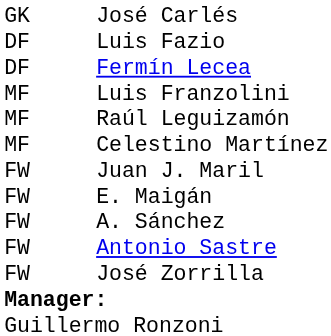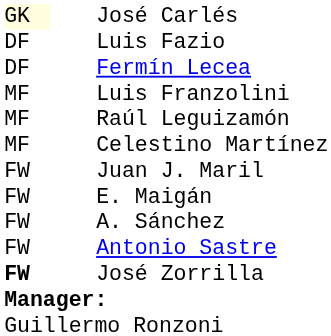 <table style="font-size:90%; margin:0.2em auto;" cellspacing="0" cellpadding="0">
 <tr>
 <th width="25"></th>
 <th width="25"></th>
 </tr>
 <tr>
-<td>GK</td>
+<td style="background: lightyellow;">GK</td>
 <td></td>
 <td> José Carlés</td>
 </tr>
 <tr>
 <td>DF</td>
 <td></td>
 <td> Luis Fazio</td>
 </tr>
 <tr>
 <td>DF</td>
 <td></td>
 <td> <a href='#'>Fermín Lecea</a></td>
 </tr>
 <tr>
 <td>MF</td>
 <td></td>
 <td> Luis Franzolini</td>
 </tr>
 <tr>
 <td>MF</td>
 <td></td>
 <td> Raúl Leguizamón</td>
 </tr>
 <tr>
 <td>MF</td>
 <td></td>
 <td> Celestino Martínez</td>
 </tr>
 <tr>
 <td>FW</td>
 <td></td>
 <td> Juan J. Maril</td>
 </tr>
 <tr>
 <td>FW</td>
 <td></td>
 <td> E. Maigán</td>
 </tr>
 <tr>
 <td>FW</td>
 <td></td>
 <td> A. Sánchez</td>
 </tr>
 <tr>
 <td>FW</td>
 <td></td>
 <td> <a href='#'>Antonio Sastre</a></td>
 </tr>
 <tr>
-<td>FW</td>
+<td><strong>FW</strong></td>
 <td></td>
 <td> José Zorrilla</td>
 </tr>
 <tr>
 <td colspan=4><strong>Manager:</strong></td>
 </tr>
 <tr>
 <td colspan="4"> Guillermo Ronzoni</td>
 </tr>
 </table>
